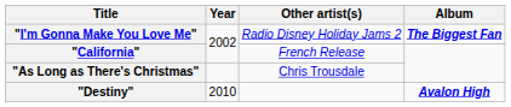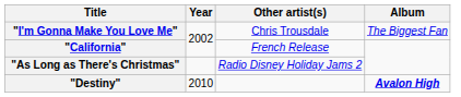 <table class="wikitable plainrowheaders" style="text-align:center;" border="1">
 <tr>
 <th scope="col" style="width:16em;">Title</th>
 <th scope="col">Year</th>
 <th scope="col">Other artist(s)</th>
 <th scope="col">Album</th>
 </tr>
 <tr>
 <th scope="row">"<a href='#'>I'm Gonna Make You Love Me</a>"</th>
 <td rowspan="2">2002</td>
-<td><em><a href='#'>Radio Disney Holiday Jams 2</a></em></td>
-<td><strong><em><a href='#'>The Biggest Fan</a></em></strong></td>
+<td><a href='#'>Chris Trousdale</a></td>
+<td><em><a href='#'>The Biggest Fan</a></em></td>
 </tr>
 <tr>
 <th scope="row">"<a href='#'>California</a>"</th>
 <td><em><a href='#'>French Release</a></em></td>
 </tr>
 <tr>
 <th scope="row">"As Long as There's Christmas"</th>
 <td></td>
-<td><a href='#'>Chris Trousdale</a></td>
+<td><em><a href='#'>Radio Disney Holiday Jams 2</a></em></td>
 </tr>
 <tr>
 <th scope="row">"Destiny"</th>
 <td rowspan="2">2010</td>
 <td></td>
 <td><strong><em><a href='#'>Avalon High</a></em></strong></td>
 </tr>
 </table>
